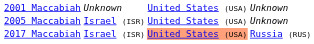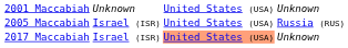 <table>
 <tr>
 <td><a href='#'>2001 Maccabiah</a></td>
 <td><em>Unknown</em></td>
 <td> <a href='#'>United States</a> <small>(USA)</small></td>
 <td><em>Unknown</em></td>
 </tr>
 <tr>
 <td><a href='#'>2005 Maccabiah</a></td>
 <td> <a href='#'>Israel</a> <small>(ISR)</small></td>
 <td> <a href='#'>United States</a> <small>(USA)</small></td>
-<td><em>Unknown</em></td>
+<td> <a href='#'>Russia</a> <small>(RUS)</small></td>
 </tr>
 <tr>
 <td><a href='#'>2017 Maccabiah</a></td>
 <td> <a href='#'>Israel</a> <small>(ISR)</small></td>
 <td style="background: lightsalmon;"> <a href='#'>United States</a> <small>(USA)</small></td>
-<td> <a href='#'>Russia</a> <small>(RUS)</small></td>
+<td><em>Unknown</em></td>
 </tr>
 </table>
